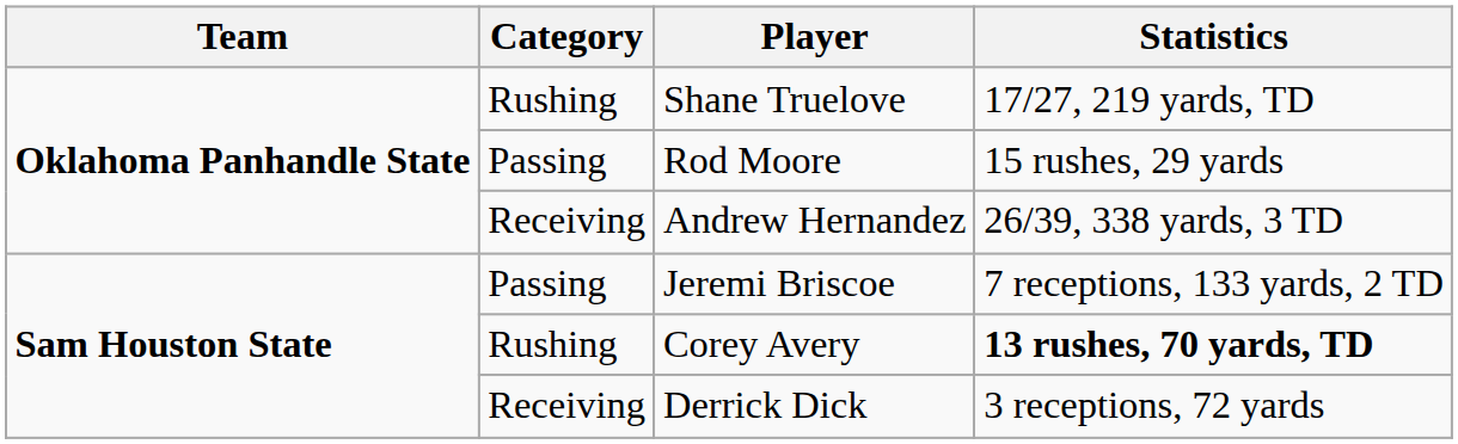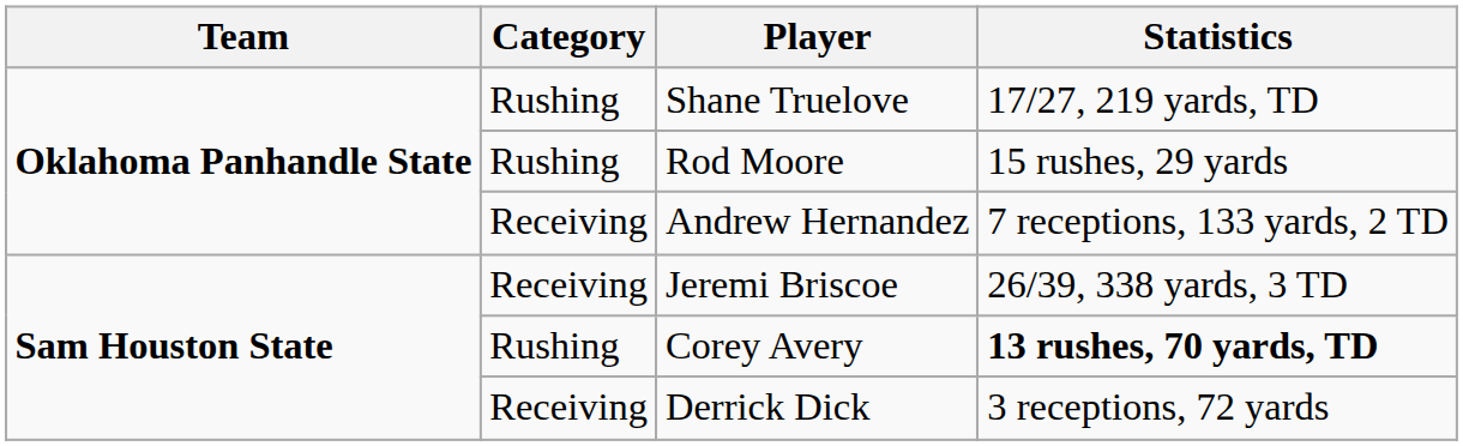 <table class="wikitable" style="float: left;">
 <tr>
 <th>Team</th>
 <th>Category</th>
 <th>Player</th>
 <th>Statistics</th>
 </tr>
 <tr>
 <td rowspan=3><strong>Oklahoma Panhandle State</strong></td>
 <td>Rushing</td>
 <td>Shane Truelove</td>
 <td>17/27, 219 yards, TD</td>
 </tr>
 <tr>
-<td>Passing</td>
+<td>Rushing</td>
 <td>Rod Moore</td>
 <td>15 rushes, 29 yards</td>
 </tr>
 <tr>
 <td>Receiving</td>
 <td>Andrew Hernandez</td>
-<td>26/39, 338 yards, 3 TD</td>
+<td>7 receptions, 133 yards, 2 TD</td>
 </tr>
 <tr>
 <td rowspan=3><strong>Sam Houston State</strong></td>
-<td>Passing</td>
+<td>Receiving</td>
 <td>Jeremi Briscoe</td>
-<td>7 receptions, 133 yards, 2 TD</td>
+<td>26/39, 338 yards, 3 TD</td>
 </tr>
 <tr>
 <td>Rushing</td>
 <td>Corey Avery</td>
 <td><strong>13 rushes, 70 yards, TD</strong></td>
 </tr>
 <tr>
 <td>Receiving</td>
 <td>Derrick Dick</td>
 <td>3 receptions, 72 yards</td>
 </tr>
 </table>
